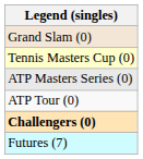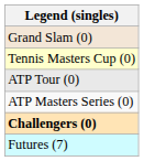 <table class="wikitable">
 <tr>
 <th>Legend (singles)</th>
 </tr>
 <tr bgcolor="#f3e6d7">
 <td>Grand Slam (0)</td>
 </tr>
 <tr bgcolor="ffffcc">
 <td>Tennis Masters Cup (0)</td>
 </tr>
 <tr bgcolor="#e9e9e9">
-<td>ATP Masters Series (0)</td>
+<td>ATP Tour (0)</td>
 </tr>
 <tr>
-<td>ATP Tour (0)</td>
+<td>ATP Masters Series (0)</td>
 </tr>
 <tr bgcolor="moccasin">
 <td><strong>Challengers (0)</strong></td>
 </tr>
 <tr bgcolor="CFFCFF">
 <td>Futures (7)</td>
 </tr>
 </table>
